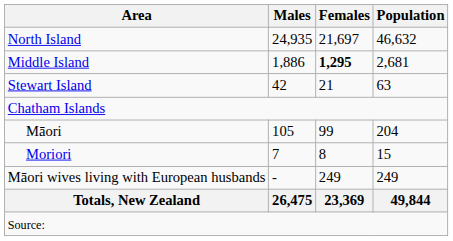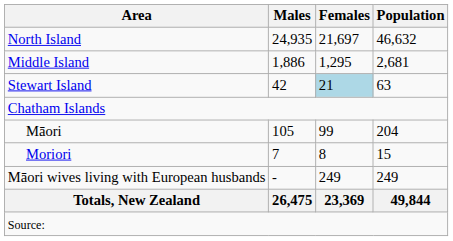 <table class="wikitable" style="text-align:left">
 <tr>
 <th>Area</th>
 <th>Males</th>
 <th>Females</th>
 <th>Population</th>
 </tr>
 <tr>
 <td><a href='#'>North Island</a></td>
 <td>24,935</td>
 <td>21,697</td>
 <td>46,632</td>
 </tr>
 <tr>
 <td><a href='#'>Middle Island</a></td>
 <td>1,886</td>
-<td><strong>1,295</strong></td>
+<td>1,295</td>
 <td>2,681</td>
 </tr>
 <tr>
 <td><a href='#'>Stewart Island</a></td>
 <td>42</td>
-<td>21</td>
+<td style="background: lightblue;">21</td>
 <td>63</td>
 </tr>
 <tr>
 <td colspan="6" style="text-align:left;"><a href='#'>Chatham Islands</a></td>
 </tr>
 <tr>
 <td align=left>     Māori</td>
 <td>105</td>
 <td>99</td>
 <td>204</td>
 </tr>
 <tr>
 <td align=left>     <a href='#'>Moriori</a></td>
 <td>7</td>
 <td>8</td>
 <td>15</td>
 </tr>
 <tr>
 <td align=left>Māori wives living with European husbands</td>
 <td>-</td>
 <td>249</td>
 <td>249</td>
 </tr>
 <tr>
 <th>Totals, New Zealand</th>
 <th>26,475</th>
 <th>23,369</th>
 <th>49,844</th>
 </tr>
 <tr>
 <td colspan="5" style="text-align:left;"><small>Source:</small></td>
 </tr>
 </table>
